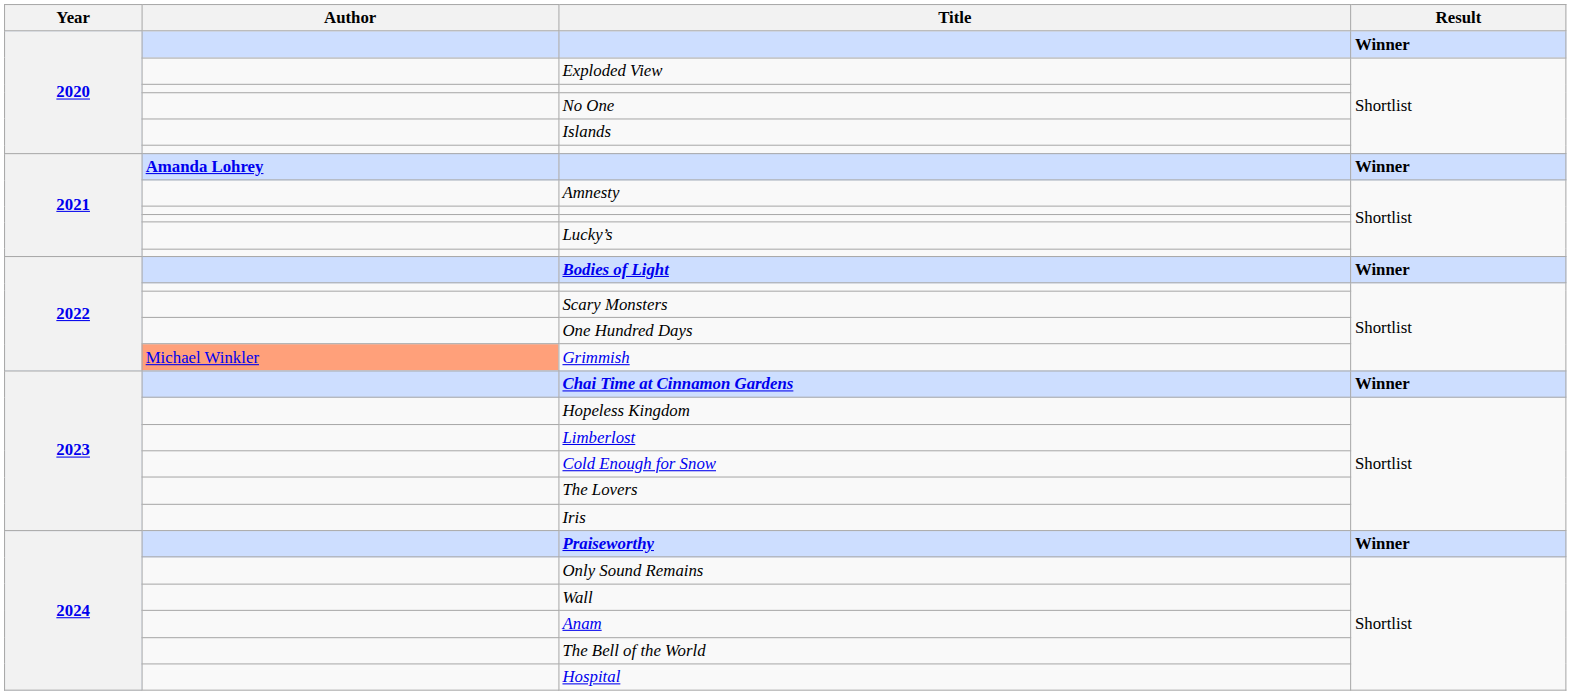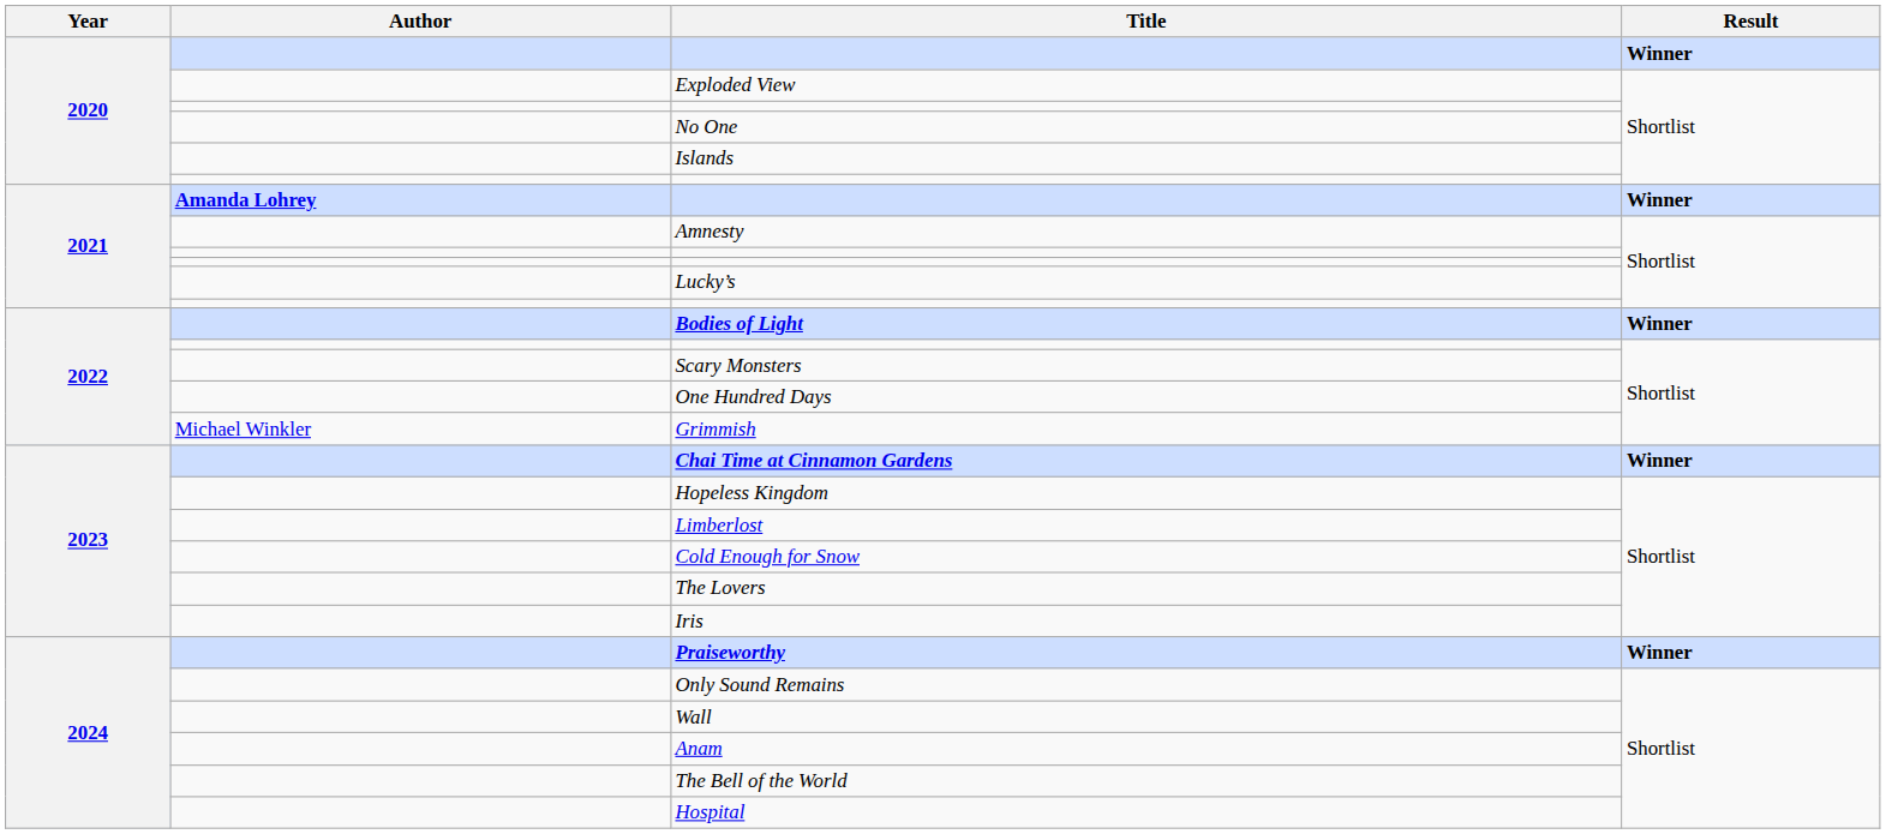 <table class="wikitable sortable mw-collapsible" width="75%">
 <tr>
 <th>Year</th>
 <th>Author</th>
 <th>Title</th>
 <th>Result</th>
 </tr>
 <tr style="background:#cddeff">
 <th rowspan="6"><a href='#'>2020</a></th>
 <td><strong></strong></td>
 <td><strong><em></em></strong></td>
 <td><strong>Winner</strong></td>
 </tr>
 <tr>
 <td></td>
 <td><em>Exploded View</em></td>
 <td rowspan="5">Shortlist</td>
 </tr>
 <tr>
 <td></td>
 <td><em></em></td>
 </tr>
 <tr>
 <td></td>
 <td><em>No One</em></td>
 </tr>
 <tr>
 <td></td>
 <td><em>Islands</em></td>
 </tr>
 <tr>
 <td></td>
 <td><em></em></td>
 </tr>
 <tr style="background:#cddeff">
 <th rowspan="6"><a href='#'>2021</a></th>
 <td><strong><a href='#'>Amanda Lohrey</a></strong></td>
 <td><strong><em></em></strong></td>
 <td><strong>Winner</strong></td>
 </tr>
 <tr>
 <td></td>
 <td><em>Amnesty</em></td>
 <td rowspan="5">Shortlist</td>
 </tr>
 <tr>
 <td></td>
 <td><em></em></td>
 </tr>
 <tr>
 <td></td>
 <td><em></em></td>
 </tr>
 <tr>
 <td></td>
 <td><em>Lucky’s</em></td>
 </tr>
 <tr>
 <td></td>
 <td><em></em></td>
 </tr>
 <tr style="background:#cddeff">
 <th rowspan="5"><a href='#'>2022</a></th>
 <td><strong></strong></td>
 <td><strong><em><a href='#'>Bodies of Light</a></em></strong></td>
 <td><strong>Winner</strong></td>
 </tr>
 <tr>
 <td></td>
 <td><em></em></td>
 <td rowspan="4">Shortlist</td>
 </tr>
 <tr>
 <td></td>
 <td><em>Scary Monsters</em></td>
 </tr>
 <tr>
 <td></td>
 <td><em>One Hundred Days</em></td>
 </tr>
 <tr>
-<td style="background: lightsalmon;"><a href='#'>Michael Winkler</a></td>
+<td><a href='#'>Michael Winkler</a></td>
 <td><em><a href='#'>Grimmish</a></em></td>
 </tr>
 <tr style="background:#cddeff">
 <th rowspan="6"><a href='#'>2023</a></th>
 <td><strong></strong></td>
 <td><strong><em><a href='#'>Chai Time at Cinnamon Gardens</a></em></strong></td>
 <td><strong>Winner</strong></td>
 </tr>
 <tr>
 <td></td>
 <td><em>Hopeless Kingdom</em></td>
 <td rowspan="5">Shortlist</td>
 </tr>
 <tr>
 <td></td>
 <td><em><a href='#'>Limberlost</a></em></td>
 </tr>
 <tr>
 <td></td>
 <td><em><a href='#'>Cold Enough for Snow</a></em></td>
 </tr>
 <tr>
 <td></td>
 <td><em>The Lovers</em></td>
 </tr>
 <tr>
 <td></td>
 <td><em>Iris</em></td>
 </tr>
 <tr style="background:#cddeff">
 <th rowspan="6"><a href='#'>2024</a></th>
 <td><strong></strong></td>
 <td><em><a href='#'><strong>Praiseworthy</strong></a></em></td>
 <td><strong>Winner</strong></td>
 </tr>
 <tr>
 <td></td>
 <td><em>Only Sound Remains</em></td>
 <td rowspan="5">Shortlist</td>
 </tr>
 <tr>
 <td></td>
 <td><em>Wall</em></td>
 </tr>
 <tr>
 <td></td>
 <td><em><a href='#'>Anam</a></em></td>
 </tr>
 <tr>
 <td></td>
 <td><em>The Bell of the World</em></td>
 </tr>
 <tr>
 <td></td>
 <td><em><a href='#'>Hospital</a></em></td>
 </tr>
 </table>
